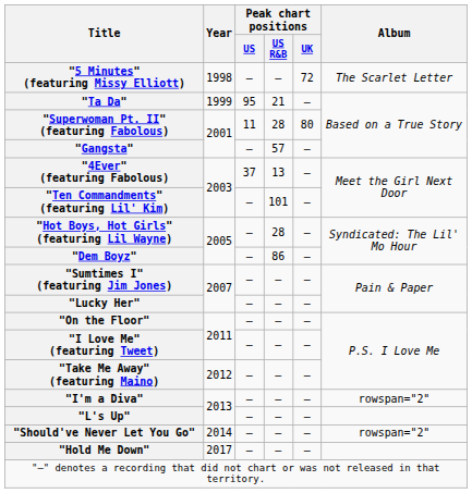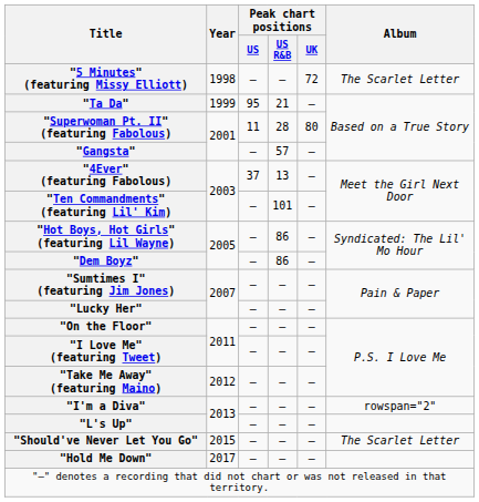 <table class="wikitable plainrowheaders" style="text-align:center;">
 <tr>
 <th scope="col" rowspan="2" style="width:18em;">Title</th>
 <th scope="col" rowspan="2" style="width:1em;">Year</th>
 <th scope="col" colspan="3">Peak chart positions</th>
 <th scope="col" rowspan="2" style="width:13em;">Album</th>
 </tr>
 <tr>
 <th scope="col" style="width:2.5em;font-size:90%;"><a href='#'>US</a><br></th>
 <th scope="col" style="width:2.5em;font-size:90%;"><a href='#'>US<br>R&B</a><br></th>
 <th scope="col" style="width:2.5em;font-size:90%;"><a href='#'>UK</a><br></th>
 </tr>
 <tr>
 <th scope="row">"<a href='#'>5 Minutes</a>"<br><span>(featuring <a href='#'>Missy Elliott</a>)</span></th>
 <td>1998</td>
 <td>—</td>
 <td>—</td>
 <td>72</td>
 <td><em>The Scarlet Letter</em></td>
 </tr>
 <tr>
 <th scope="row">"<a href='#'>Ta Da</a>"</th>
 <td>1999</td>
 <td>95</td>
 <td>21</td>
 <td>—</td>
 <td rowspan="3"><em> Based on a True Story</em></td>
 </tr>
 <tr>
 <th scope="row">"<a href='#'>Superwoman Pt. II</a>"<br><span>(featuring <a href='#'>Fabolous</a>)</span></th>
 <td rowspan="2">2001</td>
 <td>11</td>
 <td>28</td>
 <td>80</td>
 </tr>
 <tr>
 <th scope="row">"<a href='#'>Gangsta</a>"</th>
 <td>—</td>
 <td>57</td>
 <td>—</td>
 </tr>
 <tr>
 <th scope="row">"<a href='#'>4Ever</a>"<br><span>(featuring Fabolous)</span></th>
 <td rowspan="2">2003</td>
 <td>37</td>
 <td>13</td>
 <td>—</td>
 <td rowspan="2"><em>Meet the Girl Next Door</em></td>
 </tr>
 <tr>
 <th scope="row">"<a href='#'>Ten Commandments</a>"<br><span>(featuring <a href='#'>Lil' Kim</a>)</span></th>
 <td>—</td>
 <td>101</td>
 <td>—</td>
 </tr>
 <tr>
 <th scope="row">"<a href='#'>Hot Boys, Hot Girls</a>"<br><span>(featuring <a href='#'>Lil Wayne</a>)</span></th>
 <td rowspan="2">2005</td>
 <td>—</td>
-<td>28</td>
+<td>86</td>
 <td>—</td>
 <td rowspan="2"><em>Syndicated: The Lil' Mo Hour</em></td>
 </tr>
 <tr>
 <th scope="row">"<a href='#'>Dem Boyz</a>"</th>
 <td>—</td>
 <td>86</td>
 <td>—</td>
 </tr>
 <tr>
 <th scope="row">"Sumtimes I"<br><span>(featuring <a href='#'>Jim Jones</a>)</span></th>
 <td rowspan="2">2007</td>
 <td>—</td>
 <td>—</td>
 <td>—</td>
 <td rowspan="2"><em>Pain & Paper</em></td>
 </tr>
 <tr>
 <th scope="row">"Lucky Her"</th>
 <td>—</td>
 <td>—</td>
 <td>—</td>
 </tr>
 <tr>
 <th scope="row">"On the Floor"</th>
 <td rowspan="2">2011</td>
 <td>—</td>
 <td>—</td>
 <td>—</td>
 <td rowspan="3"><em>P.S. I Love Me</em></td>
 </tr>
 <tr>
 <th scope="row">"I Love Me" <br><span>(featuring <a href='#'>Tweet</a>)</span></th>
 <td>—</td>
 <td>—</td>
 <td>—</td>
 </tr>
 <tr>
 <th scope="row">"Take Me Away"<br><span>(featuring <a href='#'>Maino</a>)</span></th>
 <td>2012</td>
 <td>—</td>
 <td>—</td>
 <td>—</td>
 </tr>
 <tr>
 <th scope="row">"I'm a Diva"</th>
 <td rowspan="2">2013</td>
 <td>—</td>
 <td>—</td>
 <td>—</td>
 <td>rowspan="2" </td>
 </tr>
 <tr>
 <th scope="row">"L's Up"</th>
 <td>—</td>
 <td>—</td>
 <td>—</td>
 </tr>
 <tr>
 <th scope="row">"Should've Never Let You Go"</th>
-<td>2014</td>
+<td>2015</td>
 <td>—</td>
 <td>—</td>
 <td>—</td>
-<td>rowspan="2" </td>
+<td><em>The Scarlet Letter</em></td>
 </tr>
 <tr>
 <th scope="row">"Hold Me Down"</th>
 <td>2017</td>
 <td>—</td>
 <td>—</td>
 <td>—</td>
 <td></td>
 </tr>
 <tr>
 <td colspan="14" style="font-size:90%">"—" denotes a recording that did not chart or was not released in that territory.</td>
 </tr>
 </table>
